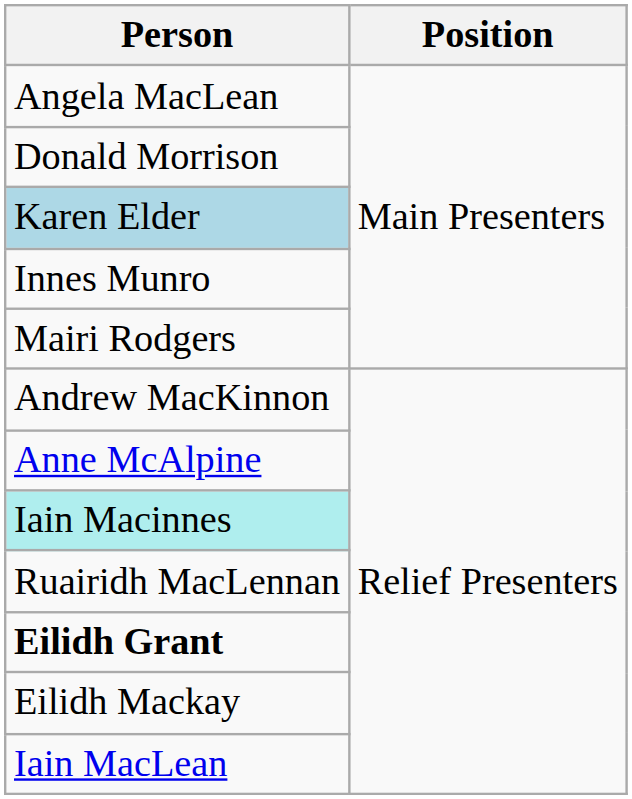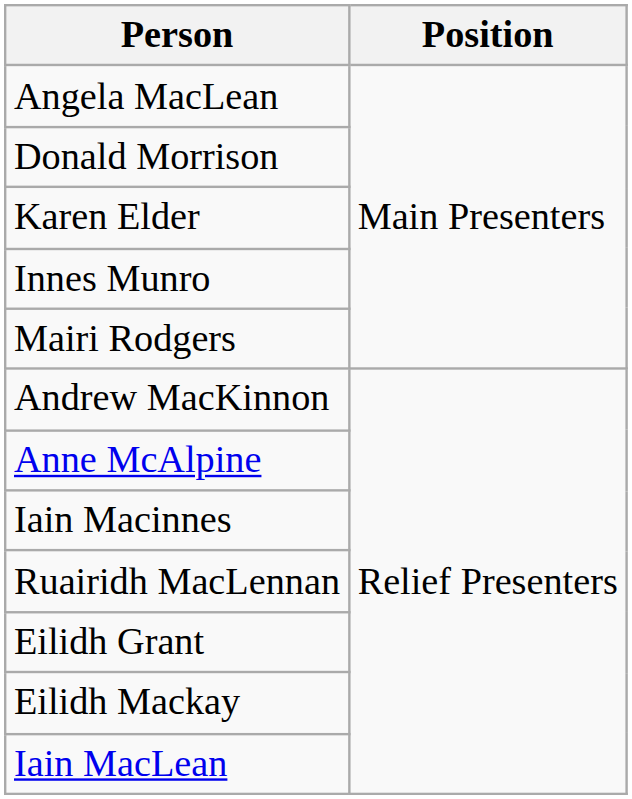 <table class="wikitable">
 <tr>
 <th>Person</th>
 <th>Position</th>
 </tr>
 <tr>
 <td>Angela MacLean</td>
 <td rowspan="5">Main Presenters</td>
 </tr>
 <tr>
 <td>Donald Morrison</td>
 </tr>
 <tr>
-<td style="background: lightblue;">Karen Elder</td>
+<td>Karen Elder</td>
 </tr>
 <tr>
 <td>Innes Munro</td>
 </tr>
 <tr>
 <td>Mairi Rodgers</td>
 </tr>
 <tr>
 <td>Andrew MacKinnon</td>
 <td rowspan="7">Relief Presenters</td>
 </tr>
 <tr>
 <td><a href='#'>Anne McAlpine</a></td>
 </tr>
 <tr>
-<td style="background: paleturquoise;">Iain Macinnes</td>
+<td>Iain Macinnes</td>
 </tr>
 <tr>
 <td>Ruairidh MacLennan</td>
 </tr>
 <tr>
-<td><strong>Eilidh Grant</strong></td>
+<td>Eilidh Grant</td>
 </tr>
 <tr>
 <td>Eilidh Mackay</td>
 </tr>
 <tr>
 <td><a href='#'>Iain MacLean</a></td>
 </tr>
 </table>
